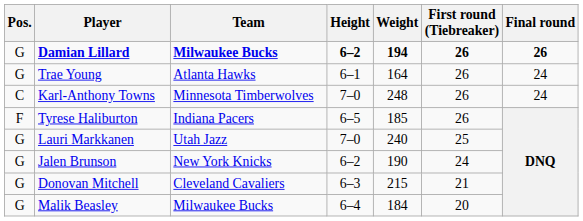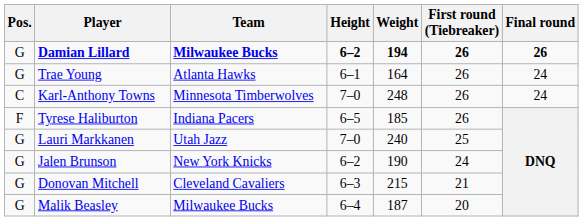 <table class="wikitable">
 <tr>
 <th>Pos.</th>
 <th style="width:150px;">Player</th>
 <th width=175>Team</th>
 <th>Height</th>
 <th>Weight</th>
 <th>First round <br>(Tiebreaker)</th>
 <th>Final round</th>
 </tr>
 <tr>
 <td style="text-align:center">G</td>
 <td><strong><a href='#'>Damian Lillard</a></strong></td>
 <td><strong><a href='#'>Milwaukee Bucks</a></strong></td>
 <td style="text-align:center"><strong>6–2</strong></td>
 <td style="text-align:center"><strong>194</strong></td>
 <td style="text-align:center"><strong>26 </strong></td>
 <td style="text-align:center;"><strong>26</strong></td>
 </tr>
 <tr>
 <td style="text-align:center">G</td>
 <td><a href='#'>Trae Young</a></td>
 <td><a href='#'>Atlanta Hawks</a></td>
 <td style="text-align:center">6–1</td>
 <td style="text-align:center">164</td>
 <td style="text-align:center">26 </td>
 <td style="text-align:center;">24</td>
 </tr>
 <tr>
 <td style="text-align:center">C</td>
 <td><a href='#'>Karl-Anthony Towns</a></td>
 <td><a href='#'>Minnesota Timberwolves</a></td>
 <td style="text-align:center">7–0</td>
 <td style="text-align:center">248</td>
 <td style="text-align:center">26 </td>
 <td style="text-align:center;">24</td>
 </tr>
 <tr>
 <td style="text-align:center">F</td>
 <td><a href='#'>Tyrese Haliburton</a></td>
 <td><a href='#'>Indiana Pacers</a></td>
 <td style="text-align:center">6–5</td>
 <td style="text-align:center">185</td>
 <td style="text-align:center">26 </td>
 <th rowspan="5" style="text-align:center;">DNQ</th>
 </tr>
 <tr>
 <td style="text-align:center">G</td>
 <td><a href='#'>Lauri Markkanen</a></td>
 <td><a href='#'>Utah Jazz</a></td>
 <td style="text-align:center">7–0</td>
 <td style="text-align:center">240</td>
 <td style="text-align:center">25</td>
 </tr>
 <tr>
 <td style="text-align:center">G</td>
 <td><a href='#'>Jalen Brunson</a></td>
 <td><a href='#'>New York Knicks</a></td>
 <td style="text-align:center">6–2</td>
 <td style="text-align:center">190</td>
 <td style="text-align:center">24</td>
 </tr>
 <tr>
 <td style="text-align:center">G</td>
 <td><a href='#'>Donovan Mitchell</a></td>
 <td><a href='#'>Cleveland Cavaliers</a></td>
 <td style="text-align:center">6–3</td>
 <td style="text-align:center">215</td>
 <td style="text-align:center">21</td>
 </tr>
 <tr>
 <td style="text-align:center">G</td>
 <td><a href='#'>Malik Beasley</a></td>
 <td><a href='#'>Milwaukee Bucks</a></td>
 <td style="text-align:center">6–4</td>
-<td style="text-align:center">184</td>
+<td style="text-align:center">187</td>
 <td style="text-align:center">20</td>
 </tr>
 </table>
